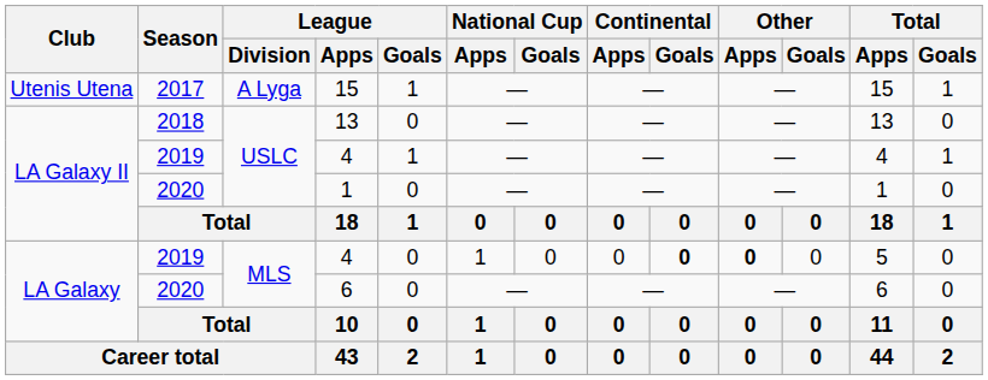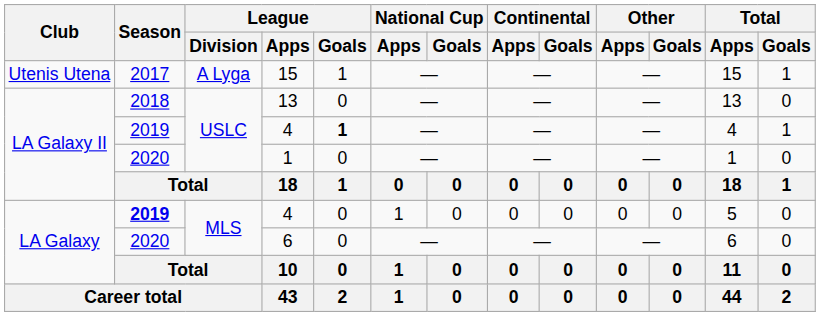 <table class="wikitable" style="text-align:center">
 <tr>
 <th rowspan="2">Club</th>
 <th rowspan="2">Season</th>
 <th colspan="3">League</th>
 <th colspan="2">National Cup</th>
 <th colspan="2">Continental</th>
 <th colspan="2">Other</th>
 <th colspan="2">Total</th>
 </tr>
 <tr>
 <th>Division</th>
 <th>Apps</th>
 <th>Goals</th>
 <th>Apps</th>
 <th>Goals</th>
 <th>Apps</th>
 <th>Goals</th>
 <th>Apps</th>
 <th>Goals</th>
 <th>Apps</th>
 <th>Goals</th>
 </tr>
 <tr>
 <td><a href='#'>Utenis Utena</a></td>
 <td><a href='#'>2017</a></td>
 <td><a href='#'>A Lyga</a></td>
 <td>15</td>
 <td>1</td>
 <td colspan="2">—</td>
 <td colspan="2">—</td>
 <td colspan="2">—</td>
 <td>15</td>
 <td>1</td>
 </tr>
 <tr>
 <td rowspan="4"><a href='#'>LA Galaxy II</a></td>
 <td><a href='#'>2018</a></td>
 <td rowspan="3"><a href='#'>USLC</a></td>
 <td>13</td>
 <td>0</td>
 <td colspan="2">—</td>
 <td colspan="2">—</td>
 <td colspan="2">—</td>
 <td>13</td>
 <td>0</td>
 </tr>
 <tr>
 <td><a href='#'>2019</a></td>
 <td>4</td>
-<td>1</td>
+<td><strong>1</strong></td>
 <td colspan="2">—</td>
 <td colspan="2">—</td>
 <td colspan="2">—</td>
 <td>4</td>
 <td>1</td>
 </tr>
 <tr>
 <td><a href='#'>2020</a></td>
 <td>1</td>
 <td>0</td>
 <td colspan="2">—</td>
 <td colspan="2">—</td>
 <td colspan="2">—</td>
 <td>1</td>
 <td>0</td>
 </tr>
 <tr>
 <th colspan="2">Total</th>
 <th>18</th>
 <th>1</th>
 <th>0</th>
 <th>0</th>
 <th>0</th>
 <th>0</th>
 <th>0</th>
 <th>0</th>
 <th>18</th>
 <th>1</th>
 </tr>
 <tr>
 <td rowspan="3"><a href='#'>LA Galaxy</a></td>
-<td><a href='#'>2019</a></td>
+<td><strong><a href='#'>2019</a></strong></td>
 <td rowspan="2"><a href='#'>MLS</a></td>
 <td>4</td>
 <td>0</td>
 <td>1</td>
 <td>0</td>
 <td>0</td>
-<td><strong>0</strong></td>
-<td><strong>0</strong></td>
+<td>0</td>
+<td>0</td>
 <td>0</td>
 <td>5</td>
 <td>0</td>
 </tr>
 <tr>
 <td><a href='#'>2020</a></td>
 <td>6</td>
 <td>0</td>
 <td colspan="2">—</td>
 <td colspan="2">—</td>
 <td colspan="2">—</td>
 <td>6</td>
 <td>0</td>
 </tr>
 <tr>
 <th colspan="2">Total</th>
 <th>10</th>
 <th>0</th>
 <th>1</th>
 <th>0</th>
 <th>0</th>
 <th>0</th>
 <th>0</th>
 <th>0</th>
 <th>11</th>
 <th>0</th>
 </tr>
 <tr>
 <th colspan="3">Career total</th>
 <th>43</th>
 <th>2</th>
 <th>1</th>
 <th>0</th>
 <th>0</th>
 <th>0</th>
 <th>0</th>
 <th>0</th>
 <th>44</th>
 <th>2</th>
 </tr>
 </table>
